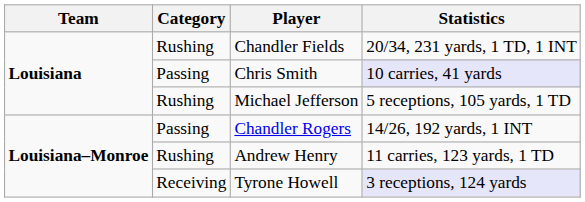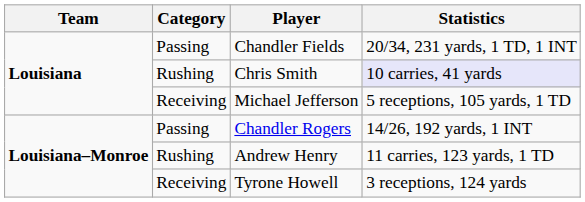 <table class="wikitable" style="float: left;">
 <tr>
 <th>Team</th>
 <th>Category</th>
 <th>Player</th>
 <th>Statistics</th>
 </tr>
 <tr>
 <td rowspan=3><strong>Louisiana</strong></td>
-<td>Rushing</td>
+<td>Passing</td>
 <td>Chandler Fields</td>
 <td>20/34, 231 yards, 1 TD, 1 INT</td>
 </tr>
 <tr>
-<td>Passing</td>
+<td>Rushing</td>
 <td>Chris Smith</td>
 <td style="background: lavender;">10 carries, 41 yards</td>
 </tr>
 <tr>
-<td>Rushing</td>
+<td>Receiving</td>
 <td>Michael Jefferson</td>
 <td>5 receptions, 105 yards, 1 TD</td>
 </tr>
 <tr>
 <td rowspan=3><strong>Louisiana–Monroe</strong></td>
 <td>Passing</td>
 <td><a href='#'>Chandler Rogers</a></td>
 <td>14/26, 192 yards, 1 INT</td>
 </tr>
 <tr>
 <td>Rushing</td>
 <td>Andrew Henry</td>
 <td>11 carries, 123 yards, 1 TD</td>
 </tr>
 <tr>
 <td>Receiving</td>
 <td>Tyrone Howell</td>
-<td style="background: lavender;">3 receptions, 124 yards</td>
+<td>3 receptions, 124 yards</td>
 </tr>
 </table>
